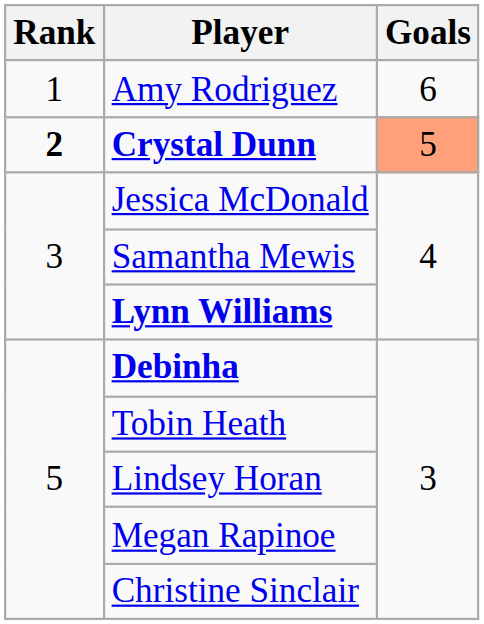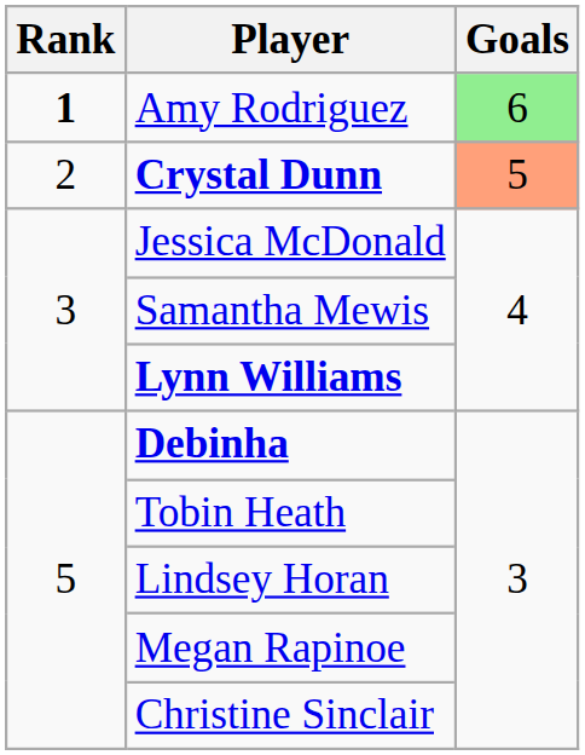 <table class="wikitable" style="text-align: center">
 <tr>
 <th scope=col>Rank</th>
 <th scope=col>Player</th>
 <th scope=col>Goals</th>
 </tr>
 <tr>
-<td>1</td>
+<td><strong>1</strong></td>
 <td style="text-align:left;"> <a href='#'>Amy Rodriguez</a></td>
-<td>6</td>
+<td style="background: lightgreen;">6</td>
 </tr>
 <tr>
-<td><strong>2</strong></td>
+<td>2</td>
 <td style="text-align:left;"> <strong><a href='#'>Crystal Dunn</a></strong></td>
 <td style="background: lightsalmon;">5</td>
 </tr>
 <tr>
 <td rowspan="3">3</td>
 <td style="text-align:left;"> <a href='#'>Jessica McDonald</a></td>
 <td rowspan="3">4</td>
 </tr>
 <tr>
 <td style="text-align:left;"> <a href='#'>Samantha Mewis</a></td>
 </tr>
 <tr>
 <td style="text-align:left;"> <strong><a href='#'>Lynn Williams</a></strong></td>
 </tr>
 <tr>
 <td rowspan="5">5</td>
 <td style="text-align:left;"> <strong><a href='#'>Debinha</a></strong></td>
 <td rowspan="5">3</td>
 </tr>
 <tr>
 <td style="text-align:left;"> <a href='#'>Tobin Heath</a></td>
 </tr>
 <tr>
 <td style="text-align:left;"> <a href='#'>Lindsey Horan</a></td>
 </tr>
 <tr>
 <td style="text-align:left;"> <a href='#'>Megan Rapinoe</a></td>
 </tr>
 <tr>
 <td style="text-align:left;"> <a href='#'>Christine Sinclair</a></td>
 </tr>
 </table>
